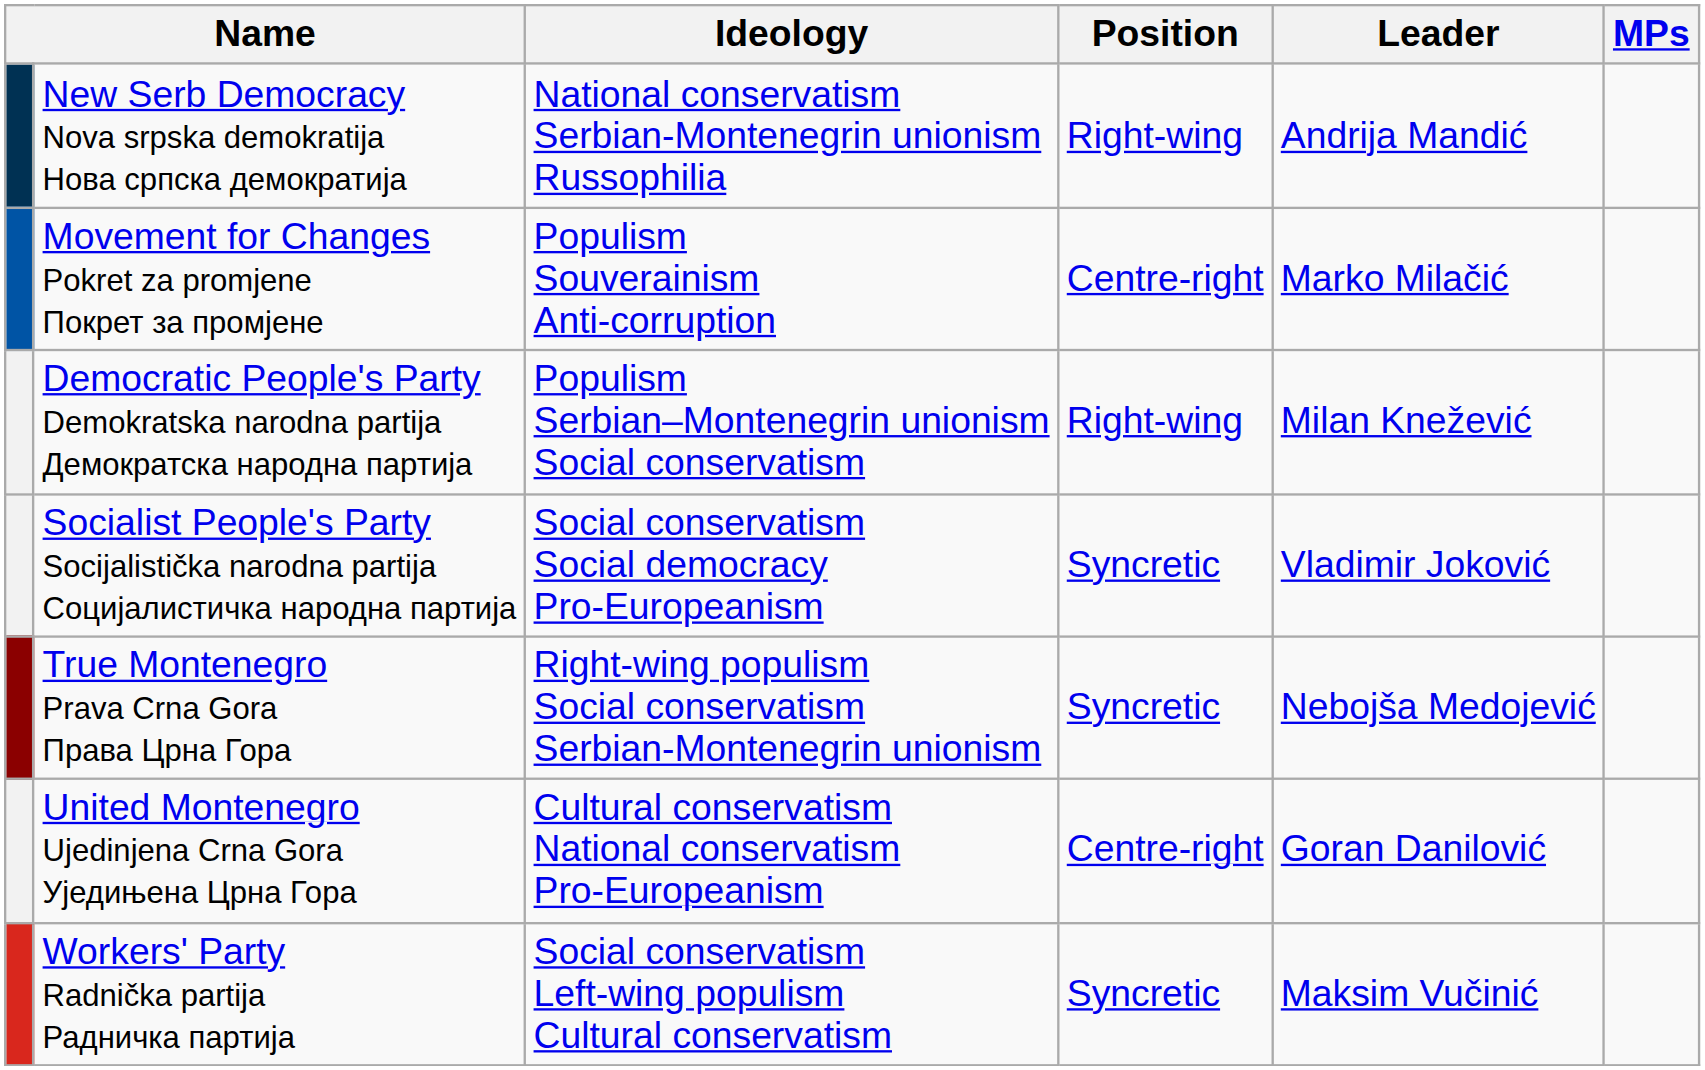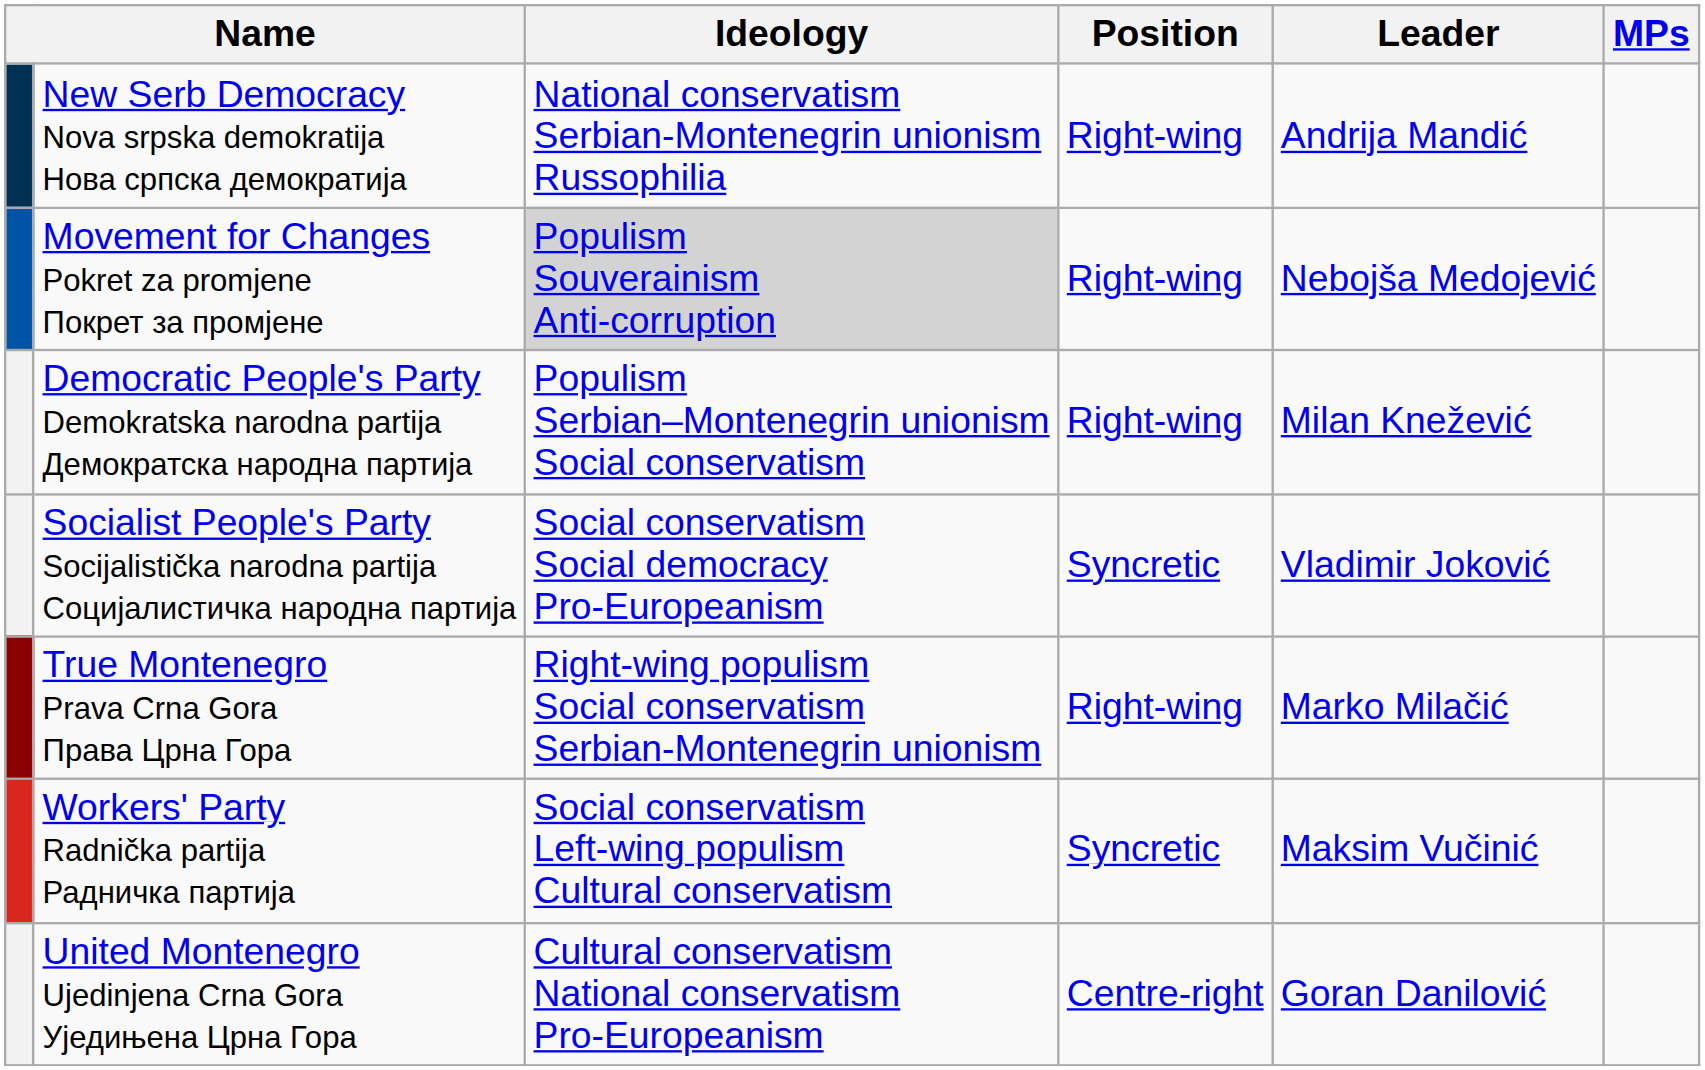 <table class="wikitable">
 <tr>
 <th colspan=2>Name</th>
 <th>Ideology</th>
 <th>Position</th>
 <th>Leader</th>
 <th><a href='#'>MPs</a></th>
 </tr>
 <tr>
 <th style="background-color:#003153;"></th>
 <td><a href='#'>New Serb Democracy</a><br><small>Nova srpska demokratija<br>Нова српска демократија</small></td>
 <td><a href='#'>National conservatism</a><br><a href='#'>Serbian-Montenegrin unionism</a><br><a href='#'>Russophilia</a></td>
 <td><a href='#'>Right-wing</a></td>
 <td><a href='#'>Andrija Mandić</a></td>
 <td></td>
 </tr>
 <tr>
 <th style="background-color:#0054A5;"></th>
 <td><a href='#'>Movement for Changes</a><br><small>Pokret za promjene<br>Покрет за промјене</small></td>
-<td><a href='#'>Populism</a><br><a href='#'>Souverainism</a><br><a href='#'>Anti-corruption</a></td>
-<td><a href='#'>Centre-right</a></td>
-<td><a href='#'>Marko Milačić</a></td>
+<td style="background: lightgrey;"><a href='#'>Populism</a><br><a href='#'>Souverainism</a><br><a href='#'>Anti-corruption</a></td>
+<td><a href='#'>Right-wing</a></td>
+<td><a href='#'>Nebojša Medojević</a></td>
 <td></td>
 </tr>
 <tr>
 <th style="background-color:"></th>
 <td><a href='#'>Democratic People's Party</a><br><small>Demokratska narodna partija<br>Демократска народна партија</small></td>
 <td><a href='#'>Populism</a><br><a href='#'>Serbian–Montenegrin unionism</a><br><a href='#'>Social conservatism</a></td>
 <td><a href='#'>Right-wing</a></td>
 <td><a href='#'>Milan Knežević</a></td>
 <td></td>
 </tr>
 <tr>
 <th style="width:5px; background:"></th>
 <td><a href='#'>Socialist People's Party</a><br><small>Socijalistička narodna partija<br>Социјалистичка народна партија</small></td>
 <td><a href='#'>Social conservatism</a><br><a href='#'>Social democracy</a><br><a href='#'>Pro-Europeanism</a></td>
 <td><a href='#'>Syncretic</a></td>
 <td><a href='#'>Vladimir Joković</a></td>
 <td></td>
 </tr>
 <tr>
 <th style="background:#8B0000;"></th>
 <td><a href='#'>True Montenegro</a><br><small>Prava Crna Gora<br>Права Црна Гора</small></td>
 <td><a href='#'>Right-wing populism</a><br><a href='#'>Social conservatism</a><br><a href='#'>Serbian-Montenegrin unionism</a></td>
+<td><a href='#'>Right-wing</a></td>
+<td><a href='#'>Marko Milačić</a></td>
+<td></td>
+</tr>
+<tr>
+<th style="background-color:#D9271D;"></th>
+<td><a href='#'>Workers' Party</a><br><small>Radnička partija<br>Радничка партија</small></td>
+<td><a href='#'>Social conservatism</a><br><a href='#'>Left-wing populism</a><br><a href='#'>Cultural conservatism</a></td>
 <td><a href='#'>Syncretic</a></td>
-<td><a href='#'>Nebojša Medojević</a></td>
+<td><a href='#'>Maksim Vučinić</a></td>
 <td></td>
 </tr>
 <tr>
 <th style="background:"></th>
 <td><a href='#'>United Montenegro</a><br><small>Ujedinjena Crna Gora<br>Уједињена Црна Гора</small></td>
 <td><a href='#'>Cultural conservatism</a><br><a href='#'>National conservatism</a><br><a href='#'>Pro-Europeanism</a></td>
 <td><a href='#'>Centre-right</a></td>
 <td><a href='#'>Goran Danilović</a></td>
 <td></td>
 </tr>
-<tr>
-<th style="background-color:#D9271D;"></th>
-<td><a href='#'>Workers' Party</a><br><small>Radnička partija<br>Радничка партија</small></td>
-<td><a href='#'>Social conservatism</a><br><a href='#'>Left-wing populism</a><br><a href='#'>Cultural conservatism</a></td>
-<td><a href='#'>Syncretic</a></td>
-<td><a href='#'>Maksim Vučinić</a></td>
-<td></td>
-</tr>
 </table>
